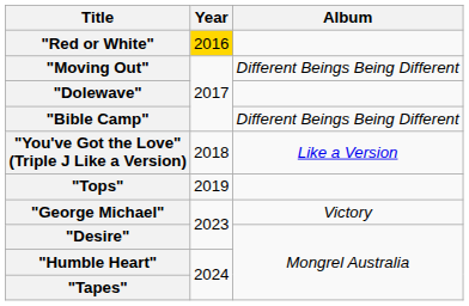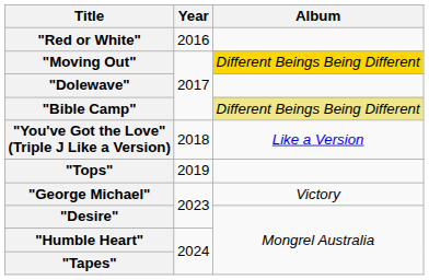 <table class="wikitable plainrowheaders" style="text-align:center">
 <tr>
 <th scope="col" rowspan="1">Title</th>
 <th scope="col" rowspan="1">Year</th>
 <th scope="col" rowspan="1">Album</th>
 </tr>
 <tr>
 <th scope="row">"Red or White"</th>
-<td style="background: gold;">2016</td>
+<td>2016</td>
 <td></td>
 </tr>
 <tr>
 <th scope="row">"Moving Out"</th>
 <td rowspan="3">2017</td>
-<td><em>Different Beings Being Different</em></td>
+<td style="background: gold;"><em>Different Beings Being Different</em></td>
 </tr>
 <tr>
 <th scope="row">"Dolewave"</th>
 <td></td>
 </tr>
 <tr>
 <th scope="row">"Bible Camp"</th>
-<td><em>Different Beings Being Different</em></td>
+<td style="background: khaki;"><em>Different Beings Being Different</em></td>
 </tr>
 <tr>
 <th scope="row">"You've Got the Love"<br> (Triple J Like a Version)</th>
 <td>2018</td>
 <td><em><a href='#'>Like a Version</a></em></td>
 </tr>
 <tr>
 <th scope="row">"Tops"</th>
 <td>2019</td>
 <td></td>
 </tr>
 <tr>
 <th scope="row">"George Michael"</th>
 <td rowspan="2">2023</td>
 <td><em>Victory</em></td>
 </tr>
 <tr>
 <th scope="row">"Desire"</th>
 <td rowspan="3"><em>Mongrel Australia</em></td>
 </tr>
 <tr>
 <th scope="row">"Humble Heart"</th>
 <td rowspan="2">2024</td>
 </tr>
 <tr>
 <th scope="row">"Tapes"</th>
 </tr>
 </table>
